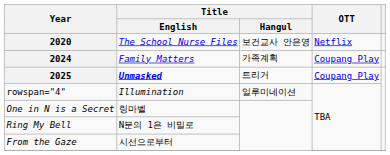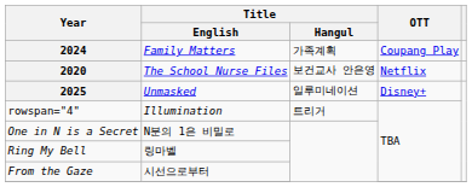 <table class="wikitable plainrowheaders sortable">
 <tr>
 <th rowspan="2">Year</th>
 <th colspan="2">Title</th>
 <th rowspan="2">OTT</th>
 <th rowspan="2" class="unsortable"></th>
 </tr>
 <tr>
 <th>English</th>
 <th>Hangul</th>
 </tr>
 <tr>
+<th scope="row">2024</th>
+<td><em><a href='#'>Family Matters</a></em></td>
+<td>가족계획</td>
+<td><a href='#'>Coupang Play</a></td>
+<td></td>
+</tr>
+<tr>
 <th scope="row">2020</th>
 <td><em><a href='#'>The School Nurse Files</a></em></td>
 <td>보건교사 안은영</td>
 <td><a href='#'>Netflix</a></td>
 <td></td>
 </tr>
 <tr>
-<th scope="row">2024</th>
-<td><em><a href='#'>Family Matters</a></em></td>
-<td>가족계획</td>
-<td><a href='#'>Coupang Play</a></td>
-<td></td>
-</tr>
-<tr>
 <th scope="row">2025</th>
-<td><strong><em><a href='#'>Unmasked</a></em></strong></td>
-<td>트리거</td>
-<td><a href='#'>Coupang Play</a></td>
+<td><em><a href='#'>Unmasked</a></em></td>
+<td>일루미네이션</td>
+<td><a href='#'>Disney+</a></td>
 <td rowspan="5"></td>
 </tr>
 <tr>
 <td>rowspan="4" </td>
 <td><em>Illumination</em></td>
-<td>일루미네이션</td>
+<td>트리거</td>
 <td rowspan="4">TBA</td>
 </tr>
 <tr>
 <td><em>One in N is a Secret</em></td>
-<td>링마벨</td>
+<td>N분의 1은 비밀로</td>
 </tr>
 <tr>
 <td><em>Ring My Bell</em></td>
-<td>N분의 1은 비밀로</td>
+<td>링마벨</td>
 </tr>
 <tr>
 <td><em>From the Gaze</em></td>
 <td>시선으로부터</td>
 </tr>
 <tr>
 </tr>
 </table>
